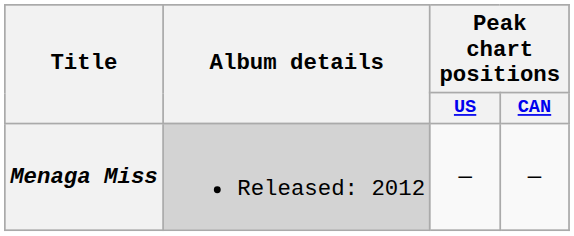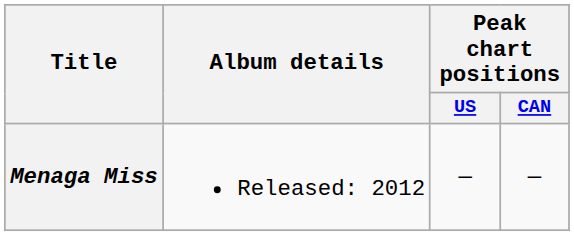 <table class="wikitable plainrowheaders" style="text-align:center;">
 <tr>
 <th rowspan="2">Title</th>
 <th rowspan="2">Album details</th>
 <th colspan="2">Peak chart positions</th>
 </tr>
 <tr style="font-size:smaller;">
 <th style="width:35px;"><a href='#'>US</a><br></th>
 <th style="width:35px;"><a href='#'>CAN</a><br></th>
 </tr>
 <tr>
 <th scope="row"><em>Menaga Miss</em></th>
-<td style="background: lightgrey;"><br><ul><li>Released: 2012</li></ul></td>
+<td><br><ul><li>Released: 2012</li></ul></td>
 <td>—</td>
 <td>—</td>
 </tr>
 </table>
